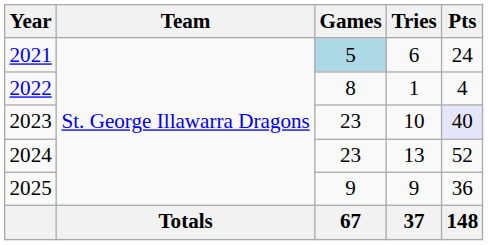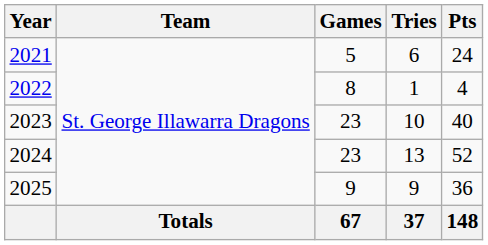 <table class="wikitable" style="border-collapse:collapse;text-align:center">
 <tr>
 <th>Year</th>
 <th>Team</th>
 <th>Games</th>
 <th>Tries</th>
 <th>Pts</th>
 </tr>
 <tr>
 <td><a href='#'>2021</a></td>
 <td rowspan="5"> <a href='#'>St. George Illawarra Dragons</a></td>
-<td style="background: lightblue;">5</td>
+<td>5</td>
 <td>6</td>
 <td>24</td>
 </tr>
 <tr>
 <td><a href='#'>2022</a></td>
 <td>8</td>
 <td>1</td>
 <td>4</td>
 </tr>
 <tr>
 <td>2023</td>
 <td>23</td>
 <td>10</td>
-<td style="background: lavender;">40</td>
+<td>40</td>
 </tr>
 <tr>
 <td>2024</td>
 <td>23</td>
 <td>13</td>
 <td>52</td>
 </tr>
 <tr>
 <td>2025</td>
 <td>9</td>
 <td>9</td>
 <td>36</td>
 </tr>
 <tr>
 <th></th>
 <th>Totals</th>
 <th>67</th>
 <th>37</th>
 <th>148</th>
 </tr>
 </table>
